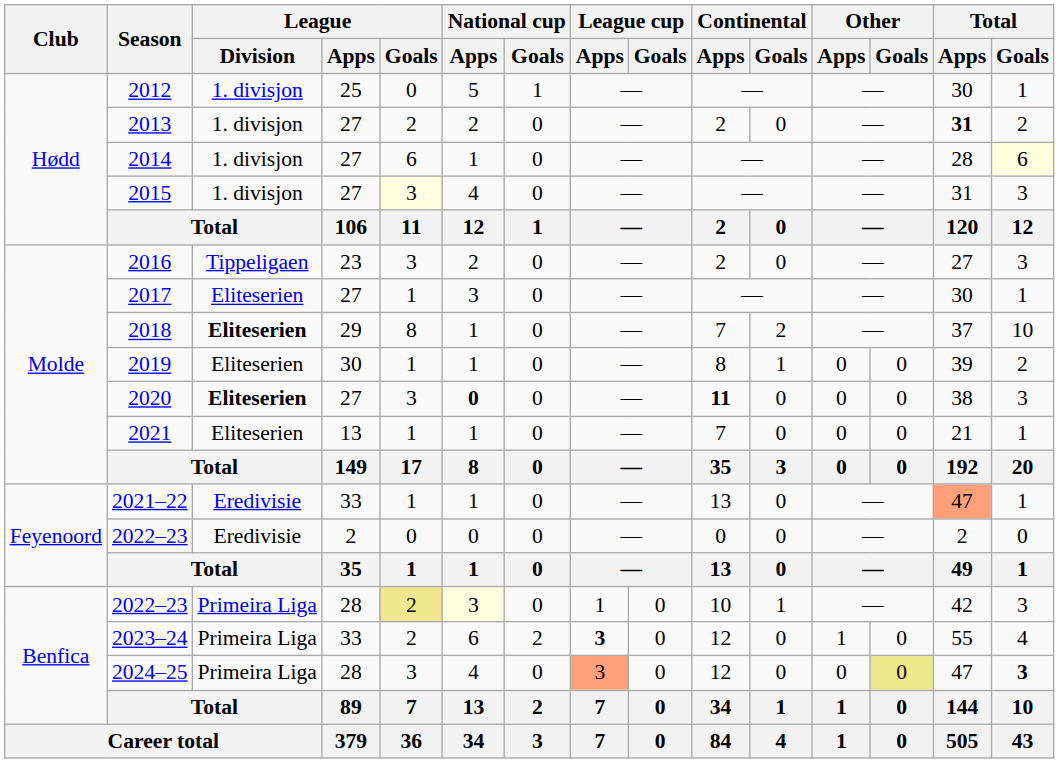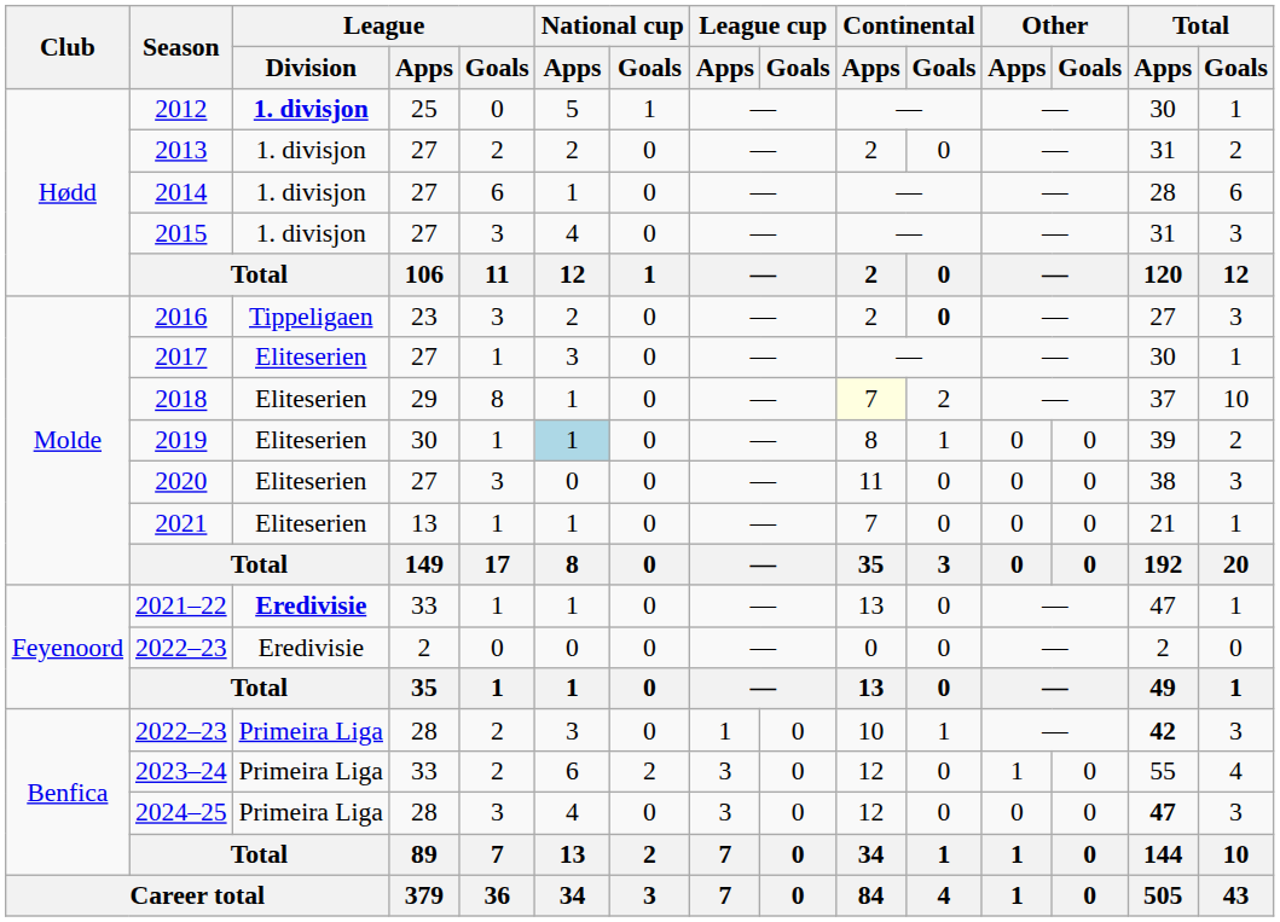 <table class="wikitable" style="text-align:center">
 <tr>
 <th rowspan="2">Club</th>
 <th rowspan="2">Season</th>
 <th colspan="3">League</th>
 <th colspan="2">National cup</th>
 <th colspan="2">League cup</th>
 <th colspan="2">Continental</th>
 <th colspan="2">Other</th>
 <th colspan="2">Total</th>
 </tr>
 <tr>
 <th>Division</th>
 <th>Apps</th>
 <th>Goals</th>
 <th>Apps</th>
 <th>Goals</th>
 <th>Apps</th>
 <th>Goals</th>
 <th>Apps</th>
 <th>Goals</th>
 <th>Apps</th>
 <th>Goals</th>
 <th>Apps</th>
 <th>Goals</th>
 </tr>
 <tr>
 <td rowspan="5"><a href='#'>Hødd</a></td>
 <td><a href='#'>2012</a></td>
-<td><a href='#'>1. divisjon</a></td>
+<td><strong><a href='#'>1. divisjon</a></strong></td>
 <td>25</td>
 <td>0</td>
 <td>5</td>
 <td>1</td>
 <td colspan="2">—</td>
 <td colspan="2">—</td>
 <td colspan="2">—</td>
 <td>30</td>
 <td>1</td>
 </tr>
 <tr>
 <td><a href='#'>2013</a></td>
 <td>1. divisjon</td>
 <td>27</td>
 <td>2</td>
 <td>2</td>
 <td>0</td>
 <td colspan="2">—</td>
 <td>2</td>
 <td>0</td>
 <td colspan="2">—</td>
-<td><strong>31</strong></td>
+<td>31</td>
 <td>2</td>
 </tr>
 <tr>
 <td><a href='#'>2014</a></td>
 <td>1. divisjon</td>
 <td>27</td>
 <td>6</td>
 <td>1</td>
 <td>0</td>
 <td colspan="2">—</td>
 <td colspan="2">—</td>
 <td colspan="2">—</td>
 <td>28</td>
-<td style="background: lightyellow;">6</td>
+<td>6</td>
 </tr>
 <tr>
 <td><a href='#'>2015</a></td>
 <td>1. divisjon</td>
 <td>27</td>
-<td style="background: lightyellow;">3</td>
+<td>3</td>
 <td>4</td>
 <td>0</td>
 <td colspan="2">—</td>
 <td colspan="2">—</td>
 <td colspan="2">—</td>
 <td>31</td>
 <td>3</td>
 </tr>
 <tr>
 <th colspan="2">Total</th>
 <th>106</th>
 <th>11</th>
 <th>12</th>
 <th>1</th>
 <th colspan="2">—</th>
 <th>2</th>
 <th>0</th>
 <th colspan="2">—</th>
 <th>120</th>
 <th>12</th>
 </tr>
 <tr>
 <td rowspan="7"><a href='#'>Molde</a></td>
 <td><a href='#'>2016</a></td>
 <td><a href='#'>Tippeligaen</a></td>
 <td>23</td>
 <td>3</td>
 <td>2</td>
 <td>0</td>
 <td colspan="2">—</td>
 <td>2</td>
-<td>0</td>
+<td><strong>0</strong></td>
 <td colspan="2">—</td>
 <td>27</td>
 <td>3</td>
 </tr>
 <tr>
 <td><a href='#'>2017</a></td>
 <td><a href='#'>Eliteserien</a></td>
 <td>27</td>
 <td>1</td>
 <td>3</td>
 <td>0</td>
 <td colspan="2">—</td>
 <td colspan="2">—</td>
 <td colspan="2">—</td>
 <td>30</td>
 <td>1</td>
 </tr>
 <tr>
 <td><a href='#'>2018</a></td>
-<td><strong>Eliteserien</strong></td>
+<td>Eliteserien</td>
 <td>29</td>
 <td>8</td>
 <td>1</td>
 <td>0</td>
 <td colspan="2">—</td>
-<td>7</td>
+<td style="background: lightyellow;">7</td>
 <td>2</td>
 <td colspan="2">—</td>
 <td>37</td>
 <td>10</td>
 </tr>
 <tr>
 <td><a href='#'>2019</a></td>
 <td>Eliteserien</td>
 <td>30</td>
 <td>1</td>
-<td>1</td>
+<td style="background: lightblue;">1</td>
 <td>0</td>
 <td colspan="2">—</td>
 <td>8</td>
 <td>1</td>
 <td>0</td>
 <td>0</td>
 <td>39</td>
 <td>2</td>
 </tr>
 <tr>
 <td><a href='#'>2020</a></td>
-<td><strong>Eliteserien</strong></td>
+<td>Eliteserien</td>
 <td>27</td>
 <td>3</td>
-<td><strong>0</strong></td>
+<td>0</td>
 <td>0</td>
 <td colspan="2">—</td>
-<td><strong>11</strong></td>
+<td>11</td>
 <td>0</td>
 <td>0</td>
 <td>0</td>
 <td>38</td>
 <td>3</td>
 </tr>
 <tr>
 <td><a href='#'>2021</a></td>
 <td>Eliteserien</td>
 <td>13</td>
 <td>1</td>
 <td>1</td>
 <td>0</td>
 <td colspan="2">—</td>
 <td>7</td>
 <td>0</td>
 <td>0</td>
 <td>0</td>
 <td>21</td>
 <td>1</td>
 </tr>
 <tr>
 <th colspan="2">Total</th>
 <th>149</th>
 <th>17</th>
 <th>8</th>
 <th>0</th>
 <th colspan="2">—</th>
 <th>35</th>
 <th>3</th>
 <th>0</th>
 <th>0</th>
 <th>192</th>
 <th>20</th>
 </tr>
 <tr>
 <td rowspan="3"><a href='#'>Feyenoord</a></td>
 <td><a href='#'>2021–22</a></td>
-<td><a href='#'>Eredivisie</a></td>
+<td><strong><a href='#'>Eredivisie</a></strong></td>
 <td>33</td>
 <td>1</td>
 <td>1</td>
 <td>0</td>
 <td colspan="2">—</td>
 <td>13</td>
 <td>0</td>
 <td colspan="2">—</td>
-<td style="background: lightsalmon;">47</td>
+<td>47</td>
 <td>1</td>
 </tr>
 <tr>
 <td><a href='#'>2022–23</a></td>
 <td>Eredivisie</td>
 <td>2</td>
 <td>0</td>
 <td>0</td>
 <td>0</td>
 <td colspan="2">—</td>
 <td>0</td>
 <td>0</td>
 <td colspan="2">—</td>
 <td>2</td>
 <td>0</td>
 </tr>
 <tr>
 <th colspan="2">Total</th>
 <th>35</th>
 <th>1</th>
 <th>1</th>
 <th>0</th>
 <th colspan="2">—</th>
 <th>13</th>
 <th>0</th>
 <th colspan="2">—</th>
 <th>49</th>
 <th>1</th>
 </tr>
 <tr>
 <td rowspan="4"><a href='#'>Benfica</a></td>
 <td><a href='#'>2022–23</a></td>
 <td><a href='#'>Primeira Liga</a></td>
 <td>28</td>
-<td style="background: khaki;">2</td>
-<td style="background: lightyellow;">3</td>
+<td>2</td>
+<td>3</td>
 <td>0</td>
 <td>1</td>
 <td>0</td>
 <td>10</td>
 <td>1</td>
 <td colspan="2">—</td>
-<td>42</td>
+<td><strong>42</strong></td>
 <td>3</td>
 </tr>
 <tr>
 <td><a href='#'>2023–24</a></td>
 <td>Primeira Liga</td>
 <td>33</td>
 <td>2</td>
 <td>6</td>
 <td>2</td>
-<td><strong>3</strong></td>
+<td>3</td>
 <td>0</td>
 <td>12</td>
 <td>0</td>
 <td>1</td>
 <td>0</td>
 <td>55</td>
 <td>4</td>
 </tr>
 <tr>
 <td><a href='#'>2024–25</a></td>
 <td>Primeira Liga</td>
 <td>28</td>
 <td>3</td>
 <td>4</td>
 <td>0</td>
-<td style="background: lightsalmon;">3</td>
+<td>3</td>
 <td>0</td>
 <td>12</td>
 <td>0</td>
 <td>0</td>
-<td style="background: khaki;">0</td>
-<td>47</td>
-<td><strong>3</strong></td>
+<td>0</td>
+<td><strong>47</strong></td>
+<td>3</td>
 </tr>
 <tr>
 <th colspan="2">Total</th>
 <th>89</th>
 <th>7</th>
 <th>13</th>
 <th>2</th>
 <th>7</th>
 <th>0</th>
 <th>34</th>
 <th>1</th>
 <th>1</th>
 <th>0</th>
 <th>144</th>
 <th>10</th>
 </tr>
 <tr>
 <th colspan="3">Career total</th>
 <th>379</th>
 <th>36</th>
 <th>34</th>
 <th>3</th>
 <th>7</th>
 <th>0</th>
 <th>84</th>
 <th>4</th>
 <th>1</th>
 <th>0</th>
 <th>505</th>
 <th>43</th>
 </tr>
 </table>
